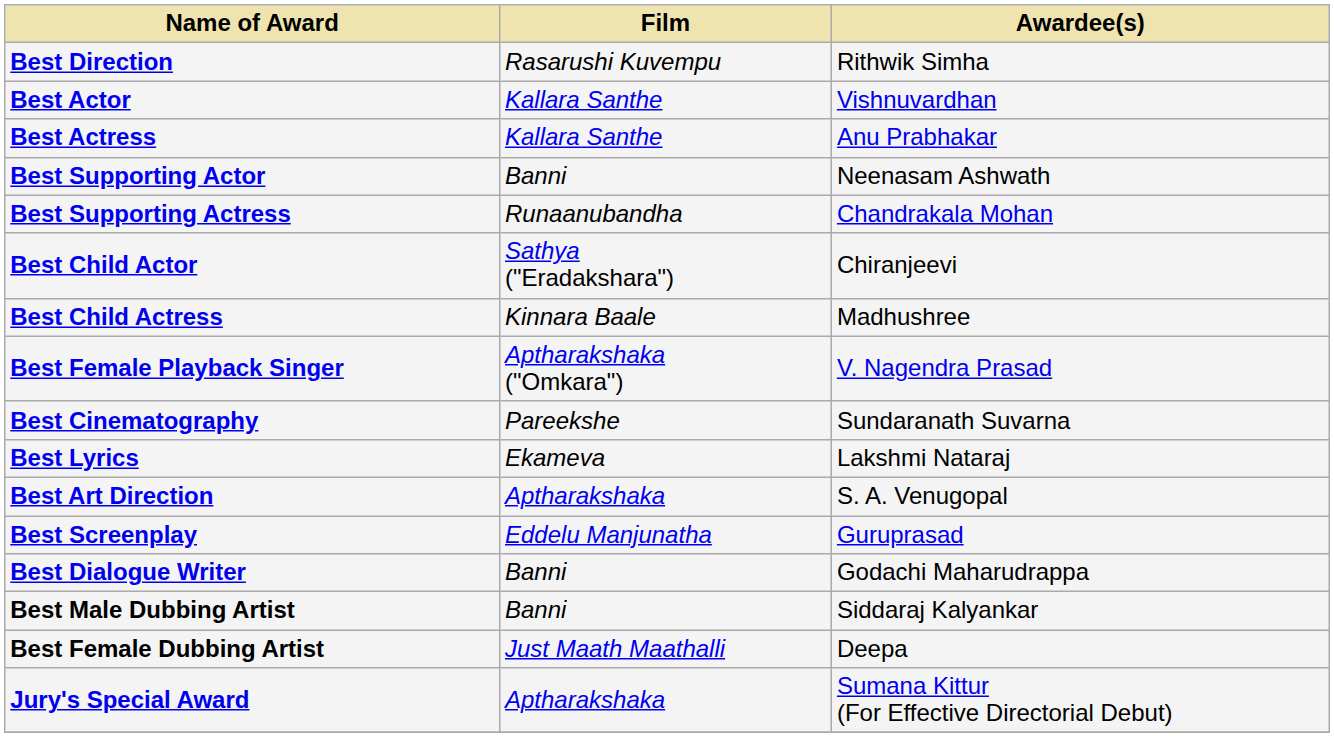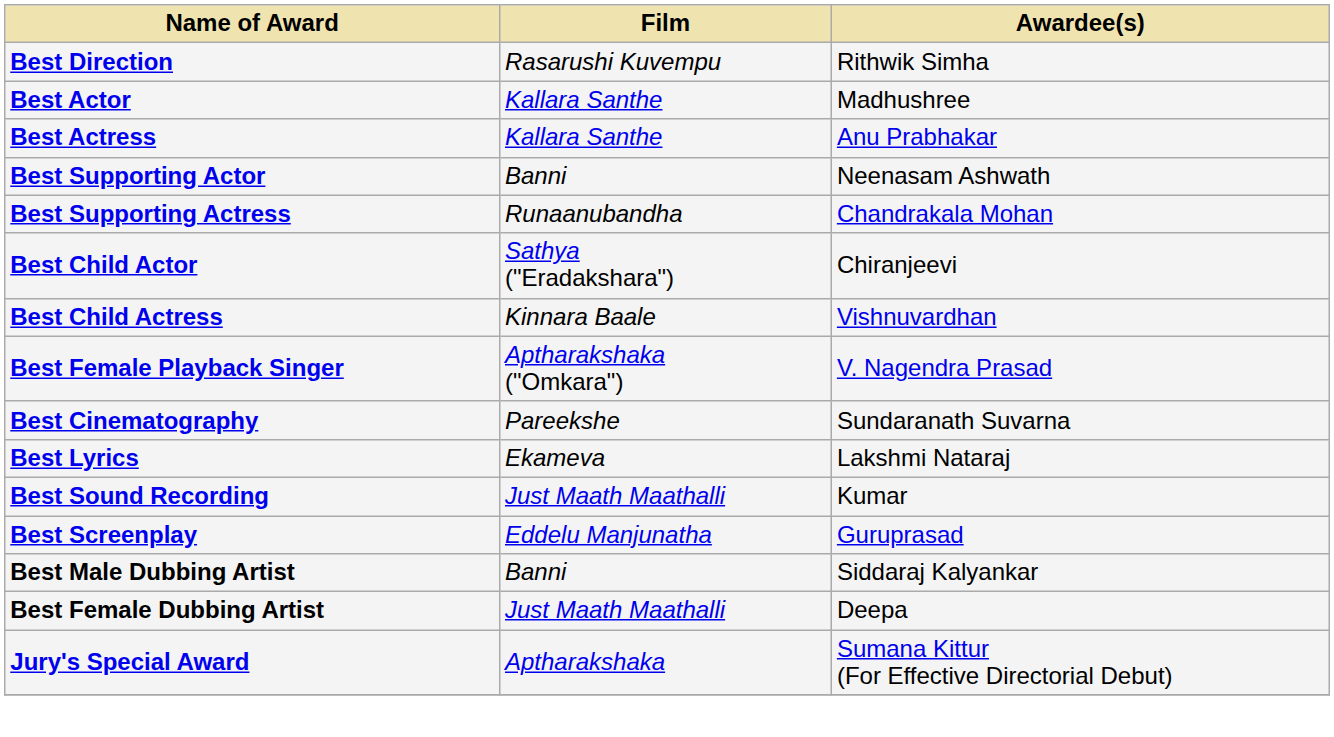 <table class="wikitable" style="width:100%;">
 <tr>
 <th style="background-color:#EFE4B0;">Name of Award</th>
 <th style="background-color:#EFE4B0;">Film</th>
 <th style="background-color:#EFE4B0;">Awardee(s)</th>
 </tr>
 <tr style="background-color:#F4F4F4">
 <td><strong><a href='#'>Best Direction</a></strong></td>
 <td><em>Rasarushi Kuvempu</em></td>
 <td>Rithwik Simha</td>
 </tr>
 <tr style="background-color:#F4F4F4">
 <td><strong><a href='#'>Best Actor</a></strong></td>
 <td><em><a href='#'>Kallara Santhe</a></em></td>
-<td><a href='#'>Vishnuvardhan</a></td>
+<td>Madhushree</td>
 </tr>
 <tr style="background-color:#F4F4F4">
 <td><strong><a href='#'>Best Actress</a></strong></td>
 <td><em><a href='#'>Kallara Santhe</a></em></td>
 <td><a href='#'>Anu Prabhakar</a></td>
 </tr>
 <tr style="background-color:#F4F4F4">
 <td><strong><a href='#'>Best Supporting Actor</a></strong></td>
 <td><em>Banni</em></td>
 <td>Neenasam Ashwath</td>
 </tr>
 <tr style="background-color:#F4F4F4">
 <td><strong><a href='#'>Best Supporting Actress</a></strong></td>
 <td><em>Runaanubandha</em></td>
 <td><a href='#'>Chandrakala Mohan</a></td>
 </tr>
 <tr style="background-color:#F4F4F4">
 <td><strong><a href='#'>Best Child Actor</a></strong></td>
 <td><em><a href='#'>Sathya</a></em><br>("Eradakshara")</td>
 <td>Chiranjeevi</td>
 </tr>
 <tr style="background-color:#F4F4F4">
 <td><strong><a href='#'>Best Child Actress</a></strong></td>
 <td><em>Kinnara Baale</em></td>
-<td>Madhushree</td>
+<td><a href='#'>Vishnuvardhan</a></td>
 </tr>
 <tr style="background-color:#F4F4F4">
 <td><strong><a href='#'>Best Female Playback Singer</a></strong></td>
 <td><em><a href='#'>Aptharakshaka</a></em><br>("Omkara")</td>
 <td><a href='#'>V. Nagendra Prasad</a></td>
 </tr>
 <tr style="background-color:#F4F4F4">
 <td><strong><a href='#'>Best Cinematography</a></strong></td>
 <td><em>Pareekshe</em></td>
 <td>Sundaranath Suvarna</td>
 </tr>
 <tr style="background-color:#F4F4F4">
 <td><strong><a href='#'>Best Lyrics</a></strong></td>
 <td><em>Ekameva</em></td>
 <td>Lakshmi Nataraj</td>
 </tr>
 <tr style="background-color:#F4F4F4">
-<td><strong><a href='#'>Best Art Direction</a></strong></td>
-<td><em><a href='#'>Aptharakshaka</a></em></td>
-<td>S. A. Venugopal</td>
+<td><strong><a href='#'>Best Sound Recording</a></strong></td>
+<td><em><a href='#'>Just Maath Maathalli</a></em></td>
+<td>Kumar</td>
 </tr>
 <tr style="background-color:#F4F4F4">
 <td><strong><a href='#'>Best Screenplay</a></strong></td>
 <td><em><a href='#'>Eddelu Manjunatha</a></em></td>
 <td><a href='#'>Guruprasad</a></td>
-</tr>
-<tr style="background-color:#F4F4F4">
-<td><strong><a href='#'>Best Dialogue Writer</a></strong></td>
-<td><em>Banni</em></td>
-<td>Godachi Maharudrappa</td>
 </tr>
 <tr style="background-color:#F4F4F4">
 <td><strong>Best Male Dubbing Artist</strong></td>
 <td><em>Banni</em></td>
 <td>Siddaraj Kalyankar</td>
 </tr>
 <tr style="background-color:#F4F4F4">
 <td><strong>Best Female Dubbing Artist</strong></td>
 <td><em><a href='#'>Just Maath Maathalli</a></em></td>
 <td>Deepa</td>
 </tr>
 <tr style="background-color:#F4F4F4">
 <td><strong><a href='#'>Jury's Special Award</a></strong></td>
 <td><em><a href='#'>Aptharakshaka</a></em></td>
 <td><a href='#'>Sumana Kittur</a><br>(For Effective Directorial Debut)</td>
 </tr>
 <tr style="background-color:#F4F4F4">
 </tr>
 </table>
